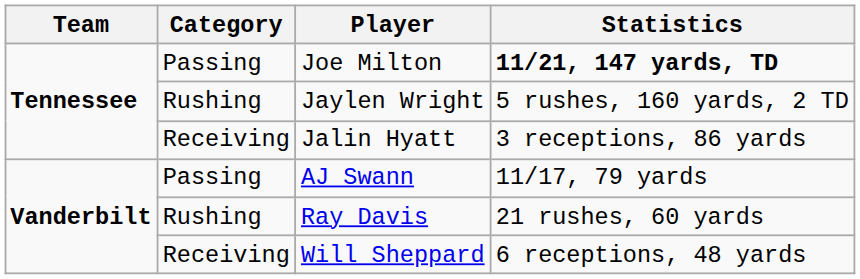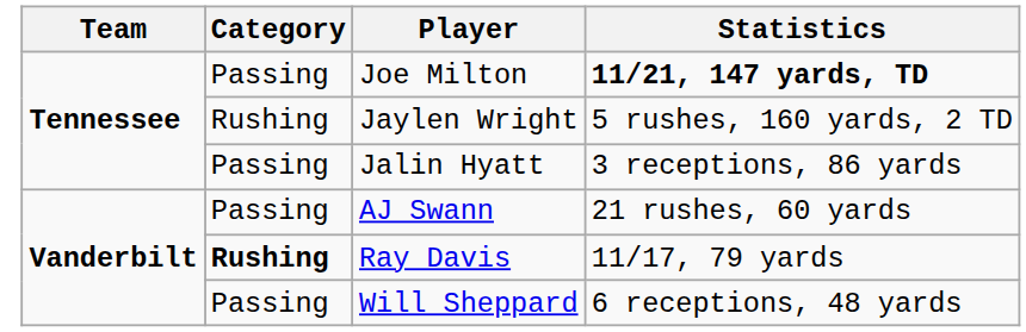 <table class="wikitable" style="float: right;">
 <tr>
 <th>Team</th>
 <th>Category</th>
 <th>Player</th>
 <th>Statistics</th>
 </tr>
 <tr>
 <td rowspan=3><strong>Tennessee</strong></td>
 <td>Passing</td>
 <td>Joe Milton</td>
 <td><strong>11/21, 147 yards, TD</strong></td>
 </tr>
 <tr>
 <td>Rushing</td>
 <td>Jaylen Wright</td>
 <td>5 rushes, 160 yards, 2 TD</td>
 </tr>
 <tr>
-<td>Receiving</td>
+<td>Passing</td>
 <td>Jalin Hyatt</td>
 <td>3 receptions, 86 yards</td>
 </tr>
 <tr>
 <td rowspan=3><strong>Vanderbilt</strong></td>
 <td>Passing</td>
 <td><a href='#'>AJ Swann</a></td>
+<td>21 rushes, 60 yards</td>
+</tr>
+<tr>
+<td><strong>Rushing</strong></td>
+<td><a href='#'>Ray Davis</a></td>
 <td>11/17, 79 yards</td>
 </tr>
 <tr>
-<td>Rushing</td>
-<td><a href='#'>Ray Davis</a></td>
-<td>21 rushes, 60 yards</td>
-</tr>
-<tr>
-<td>Receiving</td>
+<td>Passing</td>
 <td><a href='#'>Will Sheppard</a></td>
 <td>6 receptions, 48 yards</td>
 </tr>
 </table>
